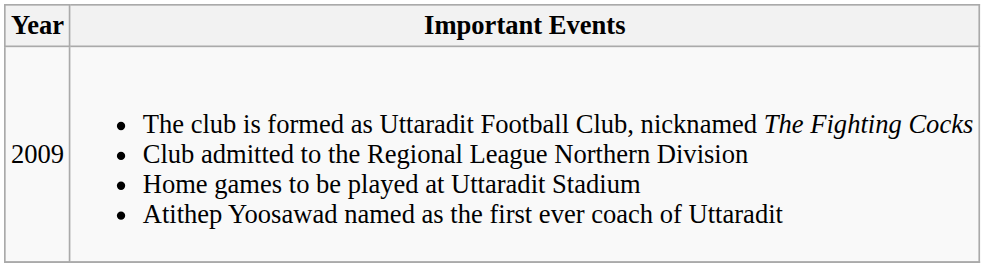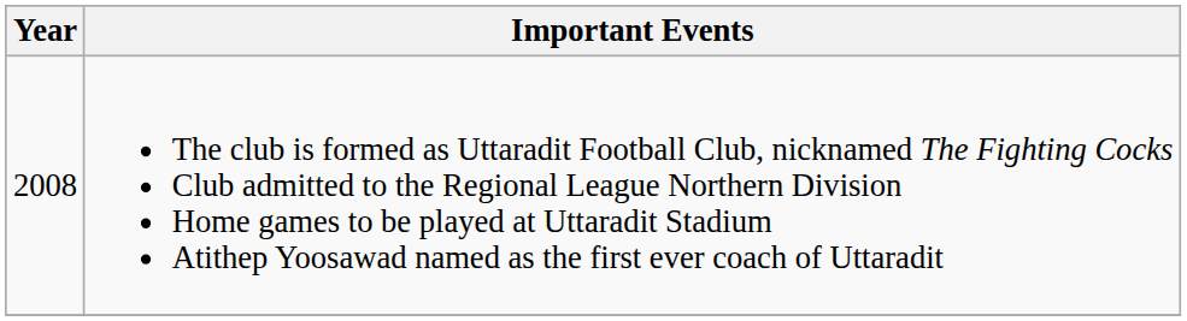 <table class="wikitable">
 <tr>
 <th>Year</th>
 <th>Important Events</th>
 </tr>
 <tr>
-<td>2009</td>
+<td>2008</td>
 <td><br><ul><li>The club is formed as Uttaradit Football Club, nicknamed <em>The Fighting Cocks</em></li><li>Club admitted to the Regional League Northern Division</li><li>Home games to be played at Uttaradit Stadium</li><li>Atithep Yoosawad named as the first ever coach of Uttaradit</li></ul></td>
 </tr>
 <tr>
 </tr>
 </table>
